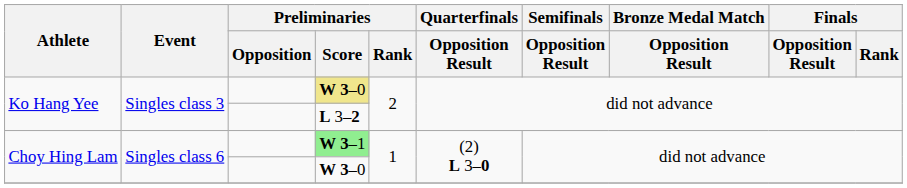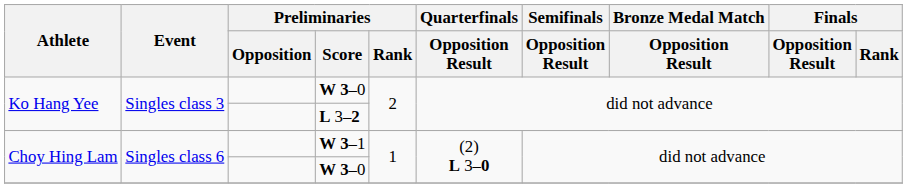 <table class=wikitable>
 <tr>
 <th rowspan="2">Athlete</th>
 <th rowspan="2">Event</th>
 <th colspan="3">Preliminaries</th>
 <th>Quarterfinals</th>
 <th>Semifinals</th>
 <th>Bronze Medal Match</th>
 <th colspan="2">Finals</th>
 </tr>
 <tr>
 <th>Opposition</th>
 <th>Score</th>
 <th>Rank</th>
 <th>Opposition<br>Result</th>
 <th>Opposition<br>Result</th>
 <th>Opposition<br>Result</th>
 <th>Opposition<br>Result</th>
 <th>Rank</th>
 </tr>
 <tr>
 <td rowspan="2"><a href='#'>Ko Hang Yee</a></td>
 <td rowspan="2"><a href='#'>Singles class 3</a></td>
 <td></td>
-<td style="background: khaki;"><strong>W</strong> <strong>3</strong>–0</td>
+<td><strong>W</strong> <strong>3</strong>–0</td>
 <td align="center" rowspan="2">2</td>
 <td align="center" rowspan="2" colspan="5">did not advance</td>
 </tr>
 <tr>
 <td></td>
 <td><strong>L</strong> 3–<strong>2</strong></td>
 </tr>
 <tr>
 <td rowspan="2"><a href='#'>Choy Hing Lam</a></td>
 <td rowspan="2"><a href='#'>Singles class 6</a></td>
 <td></td>
-<td style="background: lightgreen;"><strong>W</strong> <strong>3</strong>–1</td>
+<td><strong>W</strong> <strong>3</strong>–1</td>
 <td align="center" rowspan="2">1</td>
 <td align="center" rowspan="2"> (2)<br> <strong>L</strong> 3–<strong>0</strong><br></td>
 <td align="center" rowspan="2" colspan="4">did not advance</td>
 </tr>
 <tr>
 <td></td>
 <td><strong>W</strong> <strong>3</strong>–0</td>
 </tr>
 <tr>
 </tr>
 </table>
